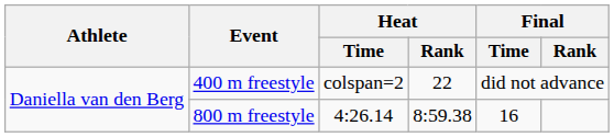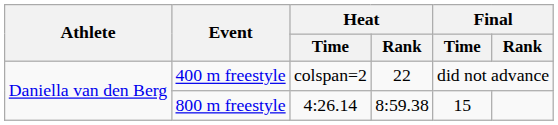 <table class=wikitable style="font-size:90%">
 <tr>
 <th rowspan=2>Athlete</th>
 <th rowspan=2>Event</th>
 <th colspan="2">Heat</th>
 <th colspan="2">Final</th>
 </tr>
 <tr style="font-size:95%">
 <th>Time</th>
 <th>Rank</th>
 <th>Time</th>
 <th>Rank</th>
 </tr>
 <tr align=center>
 <td align=left rowspan=2><a href='#'>Daniella van den Berg</a></td>
 <td align=left><a href='#'>400 m freestyle</a></td>
 <td>colspan=2 </td>
 <td>22</td>
 <td colspan=2>did not advance</td>
 </tr>
 <tr align=center>
 <td align=left><a href='#'>800 m freestyle</a></td>
 <td>4:26.14</td>
 <td>8:59.38</td>
-<td>16</td>
+<td>15</td>
 </tr>
 </table>
